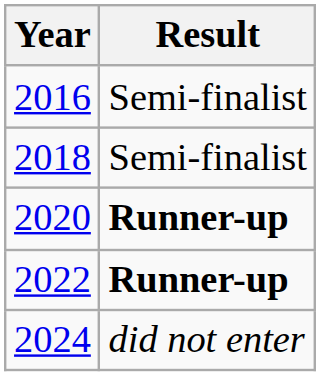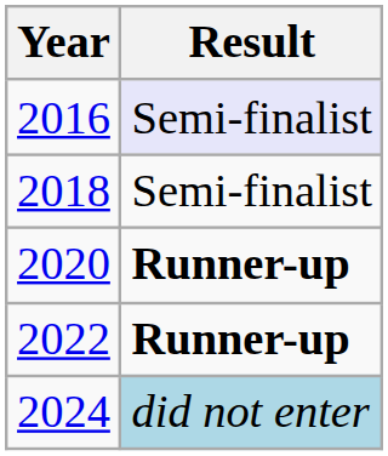 <table class="wikitable">
 <tr>
 <th>Year</th>
 <th>Result</th>
 </tr>
 <tr>
 <td><a href='#'>2016</a></td>
-<td> Semi-finalist</td>
+<td style="background: lavender;"> Semi-finalist</td>
 </tr>
 <tr>
 <td><a href='#'>2018</a></td>
 <td> Semi-finalist</td>
 </tr>
 <tr>
 <td><a href='#'>2020</a></td>
 <td><strong> Runner-up</strong></td>
 </tr>
 <tr>
 <td><a href='#'>2022</a></td>
 <td><strong> Runner-up</strong></td>
 </tr>
 <tr>
 <td><a href='#'>2024</a></td>
-<td><em>did not enter</em></td>
+<td style="background: lightblue;"><em>did not enter</em></td>
 </tr>
 </table>
